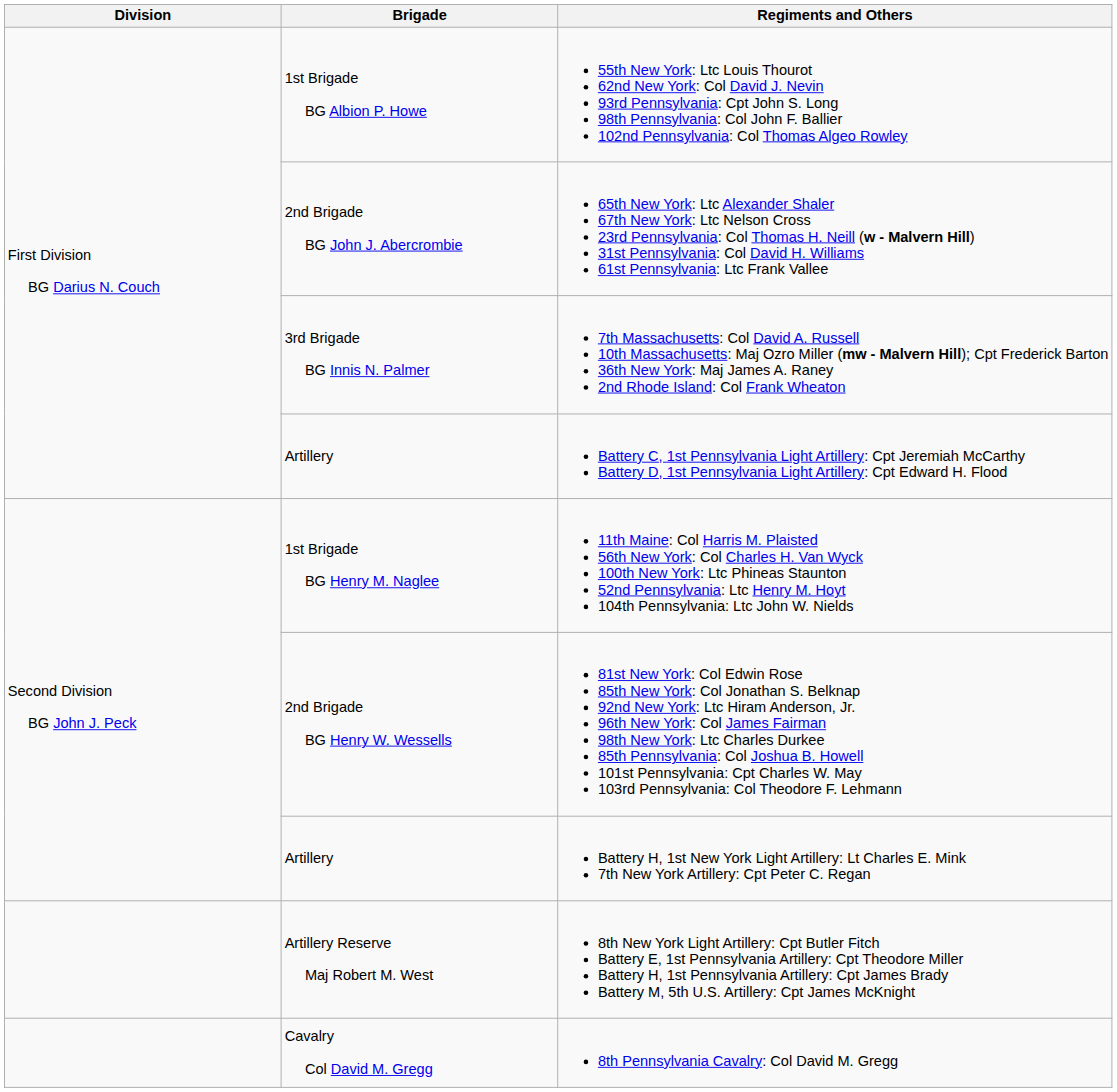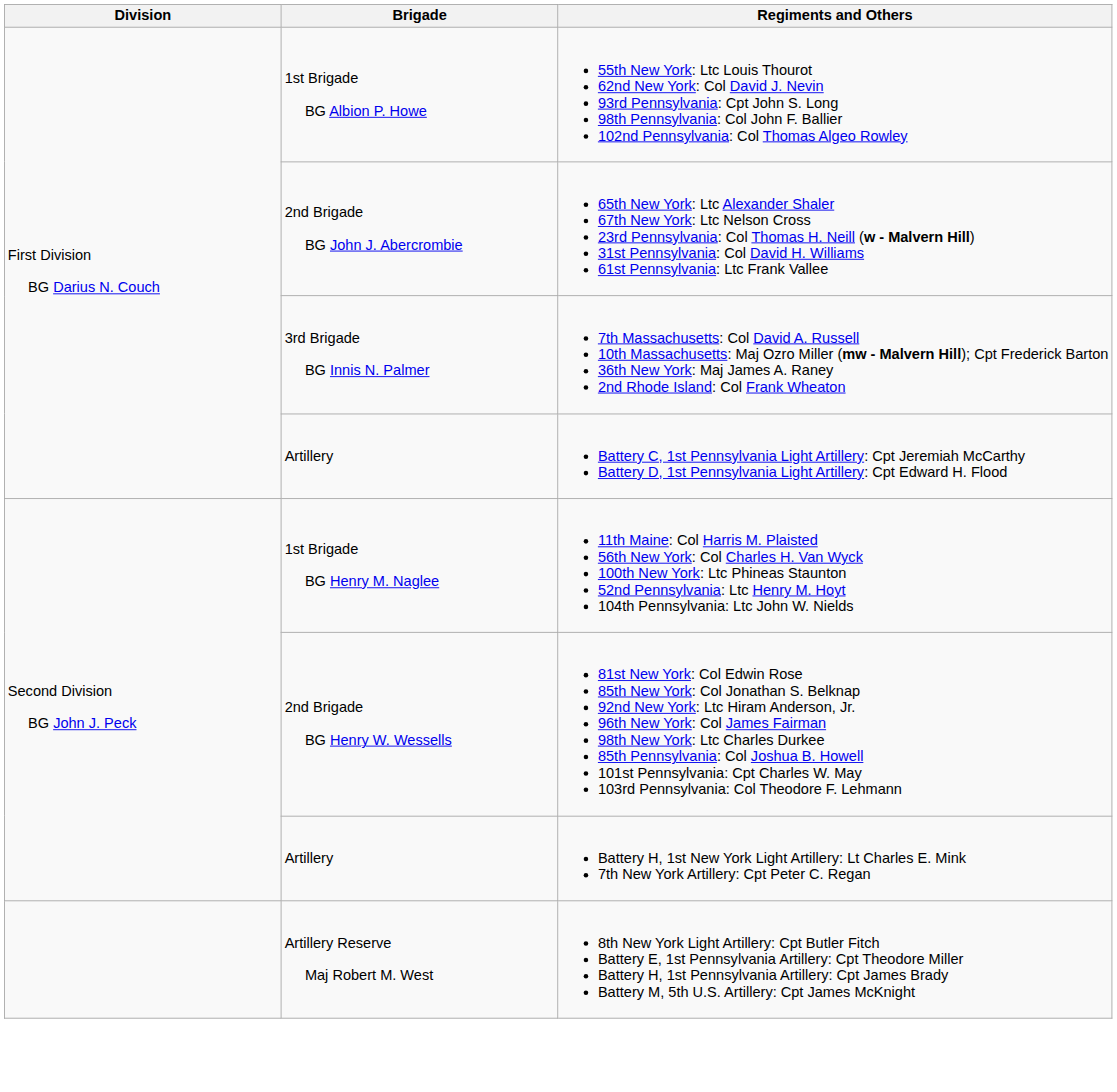 <table class="wikitable">
 <tr>
 <th width=25%>Division</th>
 <th width=25%>Brigade</th>
 <th>Regiments and Others</th>
 </tr>
 <tr>
 <td rowspan=4><br>First Division<br><br>     BG <a href='#'>Darius N. Couch</a></td>
 <td>1st Brigade<br><br>     BG <a href='#'>Albion P. Howe</a></td>
 <td><br><ul><li><a href='#'>55th New York</a>: Ltc Louis Thourot</li><li><a href='#'>62nd New York</a>: Col <a href='#'>David J. Nevin</a></li><li><a href='#'>93rd Pennsylvania</a>: Cpt John S. Long</li><li><a href='#'>98th Pennsylvania</a>: Col John F. Ballier</li><li><a href='#'>102nd Pennsylvania</a>: Col <a href='#'>Thomas Algeo Rowley</a></li></ul></td>
 </tr>
 <tr>
 <td>2nd Brigade<br><br>     BG <a href='#'>John J. Abercrombie</a></td>
 <td><br><ul><li><a href='#'>65th New York</a>: Ltc <a href='#'>Alexander Shaler</a></li><li><a href='#'>67th New York</a>: Ltc Nelson Cross</li><li><a href='#'>23rd Pennsylvania</a>: Col <a href='#'>Thomas H. Neill</a> (<strong>w - Malvern Hill</strong>)</li><li><a href='#'>31st Pennsylvania</a>: Col <a href='#'>David H. Williams</a></li><li><a href='#'>61st Pennsylvania</a>: Ltc Frank Vallee</li></ul></td>
 </tr>
 <tr>
 <td>3rd Brigade<br><br>     BG <a href='#'>Innis N. Palmer</a></td>
 <td><br><ul><li><a href='#'>7th Massachusetts</a>: Col <a href='#'>David A. Russell</a></li><li><a href='#'>10th Massachusetts</a>: Maj Ozro Miller (<strong>mw - Malvern Hill</strong>); Cpt Frederick Barton</li><li><a href='#'>36th New York</a>: Maj James A. Raney</li><li><a href='#'>2nd Rhode Island</a>: Col <a href='#'>Frank Wheaton</a></li></ul></td>
 </tr>
 <tr>
 <td>Artillery</td>
 <td><br><ul><li><a href='#'>Battery C, 1st Pennsylvania Light Artillery</a>: Cpt Jeremiah McCarthy</li><li><a href='#'>Battery D, 1st Pennsylvania Light Artillery</a>: Cpt Edward H. Flood</li></ul></td>
 </tr>
 <tr>
 <td rowspan=3><br>Second Division<br><br>     BG <a href='#'>John J. Peck</a></td>
 <td>1st Brigade<br><br>     BG <a href='#'>Henry M. Naglee</a></td>
 <td><br><ul><li><a href='#'>11th Maine</a>: Col <a href='#'>Harris M. Plaisted</a></li><li><a href='#'>56th New York</a>: Col <a href='#'>Charles H. Van Wyck</a></li><li><a href='#'>100th New York</a>: Ltc Phineas Staunton</li><li><a href='#'>52nd Pennsylvania</a>: Ltc <a href='#'>Henry M. Hoyt</a></li><li>104th Pennsylvania: Ltc John W. Nields</li></ul></td>
 </tr>
 <tr>
 <td>2nd Brigade<br><br>     BG <a href='#'>Henry W. Wessells</a></td>
 <td><br><ul><li><a href='#'>81st New York</a>: Col Edwin Rose</li><li><a href='#'>85th New York</a>: Col Jonathan S. Belknap</li><li><a href='#'>92nd New York</a>: Ltc Hiram Anderson, Jr.</li><li><a href='#'>96th New York</a>: Col <a href='#'>James Fairman</a></li><li><a href='#'>98th New York</a>: Ltc Charles Durkee</li><li><a href='#'>85th Pennsylvania</a>: Col <a href='#'>Joshua B. Howell</a></li><li>101st Pennsylvania: Cpt Charles W. May</li><li>103rd Pennsylvania: Col Theodore F. Lehmann</li></ul></td>
 </tr>
 <tr>
 <td>Artillery</td>
 <td><br><ul><li>Battery H, 1st New York Light Artillery: Lt Charles E. Mink</li><li>7th New York Artillery: Cpt Peter C. Regan</li></ul></td>
 </tr>
 <tr>
 <td></td>
 <td>Artillery Reserve<br><br>     Maj Robert M. West</td>
 <td><br><ul><li>8th New York Light Artillery: Cpt Butler Fitch</li><li>Battery E, 1st Pennsylvania Artillery: Cpt Theodore Miller</li><li>Battery H, 1st Pennsylvania Artillery: Cpt James Brady</li><li>Battery M, 5th U.S. Artillery: Cpt James McKnight</li></ul></td>
 </tr>
-<tr>
-<td></td>
-<td>Cavalry<br><br>     Col <a href='#'>David M. Gregg</a></td>
-<td><br><ul><li><a href='#'>8th Pennsylvania Cavalry</a>: Col David M. Gregg</li></ul></td>
-</tr>
 </table>
